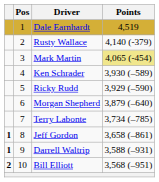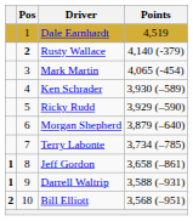 <table class="wikitable" style="font-size: 95%;">
 <tr>
 <th></th>
 <th>Pos</th>
 <th>Driver</th>
 <th>Points</th>
 </tr>
 <tr style="background:#D4AF37;">
 <td align="left"></td>
 <td style="text-align:center;">1</td>
 <td><a href='#'>Dale Earnhardt</a></td>
 <td style="text-align:center;">4,519</td>
 </tr>
 <tr>
 <td align="left"></td>
-<td style="text-align:center;">2</td>
+<td style="text-align:center;"><strong>2</strong></td>
 <td><a href='#'>Rusty Wallace</a></td>
 <td style="text-align:center;">4,140 (-379)</td>
 </tr>
 <tr>
 <td align="left"></td>
 <td style="text-align:center;">3</td>
 <td><a href='#'>Mark Martin</a></td>
-<td style="background: khaki; text-align:center;">4,065 (-454)</td>
+<td style="text-align:center;">4,065 (-454)</td>
 </tr>
 <tr>
 <td align="left"></td>
 <td style="text-align:center;">4</td>
 <td><a href='#'>Ken Schrader</a></td>
 <td style="text-align:center;">3,930 (–589)</td>
 </tr>
 <tr>
 <td align="left"></td>
 <td style="text-align:center;">5</td>
 <td><a href='#'>Ricky Rudd</a></td>
 <td style="text-align:center;">3,929 (–590)</td>
 </tr>
 <tr>
 <td align="left"></td>
 <td style="text-align:center;">6</td>
 <td><a href='#'>Morgan Shepherd</a></td>
 <td style="text-align:center;">3,879 (–640)</td>
 </tr>
 <tr>
 <td align="left"></td>
 <td style="text-align:center;">7</td>
 <td><a href='#'>Terry Labonte</a></td>
 <td style="text-align:center;">3,734 (–785)</td>
 </tr>
 <tr>
 <td align="left"> <strong>1</strong></td>
 <td style="text-align:center;">8</td>
 <td><a href='#'>Jeff Gordon</a></td>
 <td style="text-align:center;">3,658 (–861)</td>
 </tr>
 <tr>
 <td align="left"> <strong>1</strong></td>
 <td style="text-align:center;">9</td>
 <td><a href='#'>Darrell Waltrip</a></td>
 <td style="text-align:center;">3,588 (–931)</td>
 </tr>
 <tr>
 <td align="left"> <strong>2</strong></td>
 <td style="text-align:center;">10</td>
 <td><a href='#'>Bill Elliott</a></td>
 <td style="text-align:center;">3,568 (–951)</td>
 </tr>
 <tr class="sortbottom">
 <th colspan="9"></th>
 </tr>
 </table>
